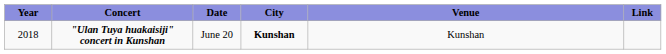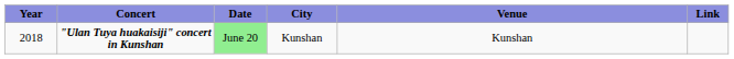 <table class="wikitable sortable mw-collapsible" width="80%" style="text-align:center">
 <tr align="center" style="background:#8B8EDE">
 <td style="width:2%"><strong>Year</strong></td>
 <td style="width:8%"><strong>Concert</strong></td>
 <td style="width:2%"><strong>Date</strong></td>
 <td style="width:2%"><strong>City</strong></td>
 <td style="width:18%"><strong>Venue</strong></td>
 <td style="width:1%"><strong>Link</strong></td>
 </tr>
 <tr>
 <td rowspan="2">2018</td>
 <td rowspan="2"><strong><em>"Ulan Tuya huakaisiji" concert in Kunshan</em></strong></td>
-<td>June 20</td>
-<td><strong>Kunshan</strong></td>
+<td style="background: lightgreen;">June 20</td>
+<td>Kunshan</td>
 <td>Kunshan</td>
 <td></td>
 </tr>
 </table>
